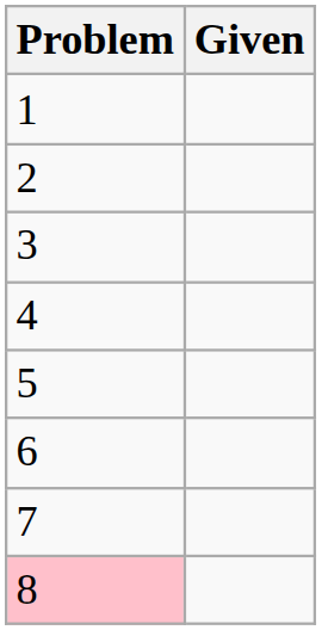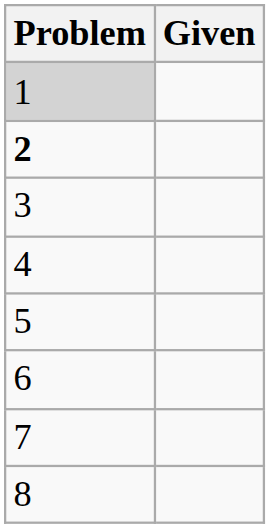 <table class="wikitable">
 <tr>
 <th>Problem</th>
 <th>Given</th>
 </tr>
 <tr>
-<td>1</td>
+<td style="background: lightgrey;">1</td>
 <td></td>
 </tr>
 <tr>
-<td>2</td>
+<td><strong>2</strong></td>
 <td></td>
 </tr>
 <tr>
 <td>3</td>
 <td></td>
 </tr>
 <tr>
 <td>4</td>
 <td></td>
 </tr>
 <tr>
 <td>5</td>
 <td></td>
 </tr>
 <tr>
 <td>6</td>
 <td></td>
 </tr>
 <tr>
 <td>7</td>
 <td></td>
 </tr>
 <tr>
-<td style="background: pink;">8</td>
+<td>8</td>
 <td></td>
 </tr>
 </table>
